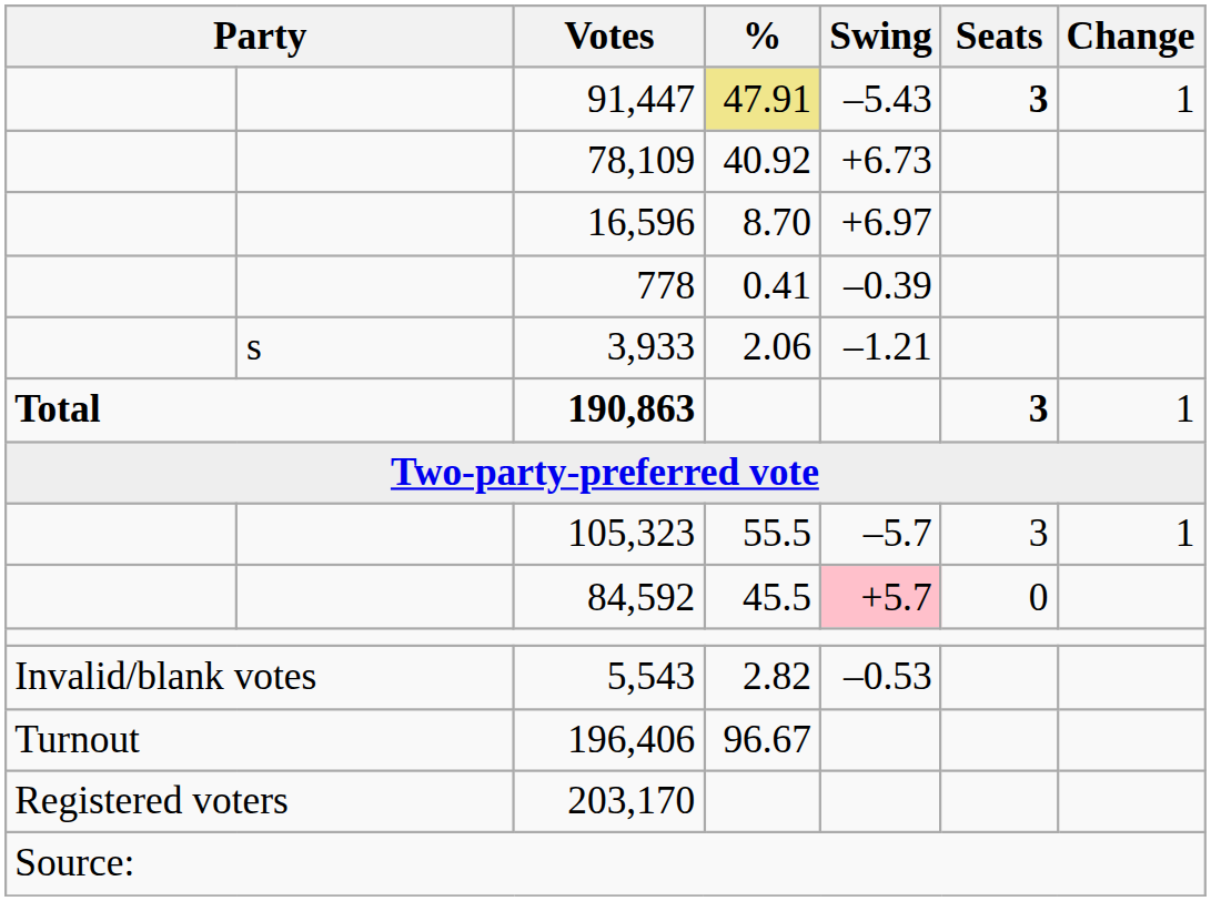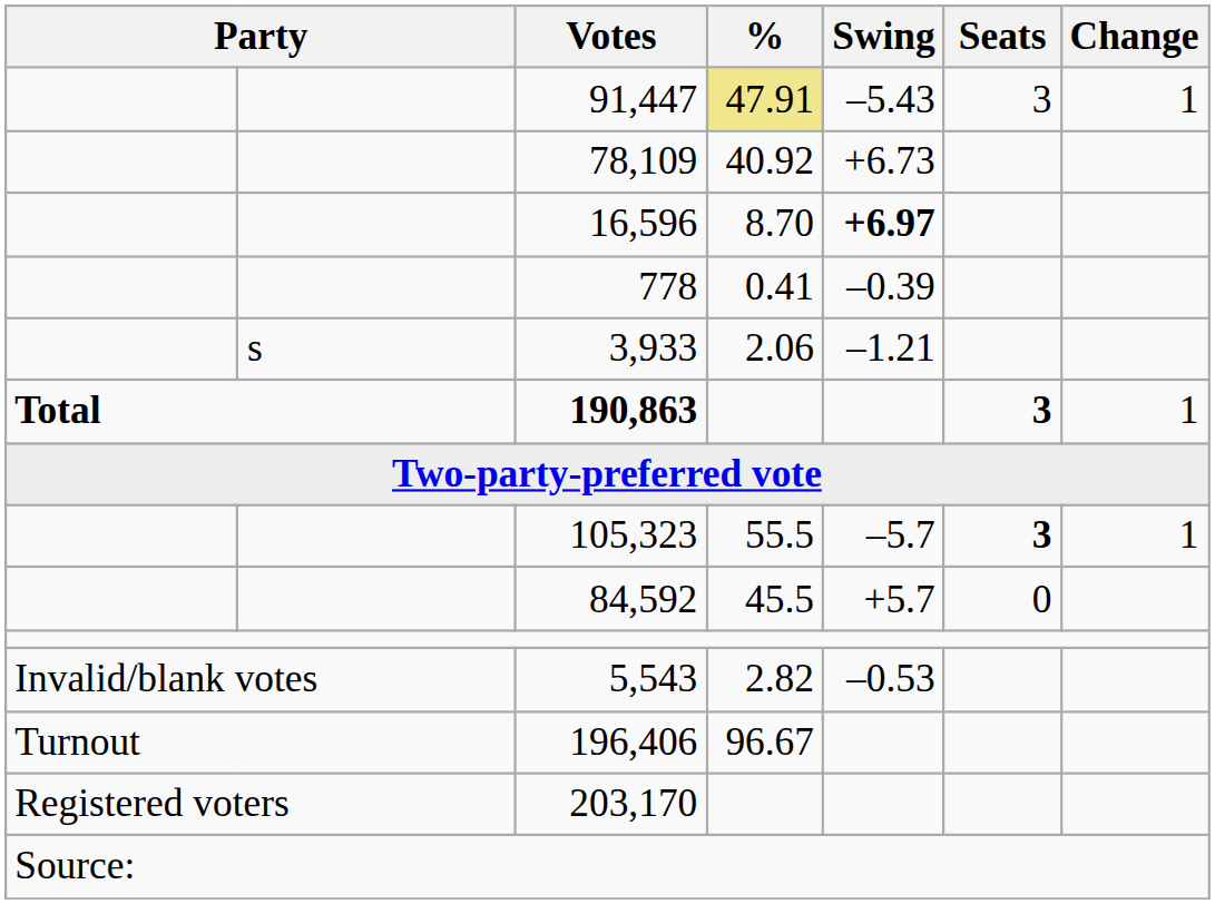 <table class="wikitable">
 <tr>
 <th style="width:200px" colspan=2><strong>Party</strong></th>
 <th style="width:70px; text-align:center;"><strong>Votes</strong></th>
 <th style="width:40px; text-align:center;"><strong>%</strong></th>
 <th style="width:40px; text-align:center;"><strong>Swing</strong></th>
 <th style="width:40px; text-align:center;"><strong>Seats</strong></th>
 <th style="width:40px; text-align:center;"><strong>Change</strong></th>
 </tr>
 <tr>
 <td> </td>
 <td></td>
 <td align=right>91,447</td>
 <td align=right style="background: khaki;">47.91</td>
 <td align=right>–5.43</td>
-<td align=right><strong>3</strong></td>
+<td align=right>3</td>
 <td align=right> 1</td>
 </tr>
 <tr>
 <td> </td>
 <td></td>
 <td align=right>78,109</td>
 <td align=right>40.92</td>
 <td align=right>+6.73</td>
 <td align=right></td>
 <td align=right></td>
 </tr>
 <tr>
 <td> </td>
 <td></td>
 <td align=right>16,596</td>
 <td align=right>8.70</td>
-<td align=right>+6.97</td>
+<td align=right><strong>+6.97</strong></td>
 <td align=right></td>
 <td align=right></td>
 </tr>
 <tr>
 <td> </td>
 <td></td>
 <td align=right>778</td>
 <td align=right>0.41</td>
 <td align=right>–0.39</td>
 <td align=right></td>
 <td align=right></td>
 </tr>
 <tr>
 <td> </td>
 <td>s</td>
 <td align=right>3,933</td>
 <td align=right>2.06</td>
 <td align=right>–1.21</td>
 <td align=right></td>
 <td align=right></td>
 </tr>
 <tr>
 <td colspan=2 align="left"><strong>Total</strong></td>
 <td align=right><strong>190,863</strong></td>
 <td align=right></td>
 <td align=right></td>
 <td align=right><strong>3</strong></td>
 <td align=right> 1</td>
 </tr>
 <tr>
 <td colspan=7 style="text-align:center; background:#eee;"><strong><a href='#'>Two-party-preferred vote</a></strong></td>
 </tr>
 <tr>
 <td> </td>
 <td></td>
 <td align=right>105,323</td>
 <td align=right>55.5</td>
 <td align=right>–5.7</td>
-<td align=right>3</td>
+<td align=right><strong>3</strong></td>
 <td align=right> 1</td>
 </tr>
 <tr>
 <td> </td>
 <td></td>
 <td align=right>84,592</td>
 <td align=right>45.5</td>
-<td align=right style="background: pink;">+5.7</td>
+<td align=right>+5.7</td>
 <td align=right>0</td>
 <td align=right></td>
 </tr>
 <tr>
 <td colspan=7></td>
 </tr>
 <tr>
 <td colspan=2 style="text-align:left;">Invalid/blank votes</td>
 <td align=right>5,543</td>
 <td align=right>2.82</td>
 <td align=right>–0.53</td>
 <td></td>
 <td></td>
 </tr>
 <tr>
 <td colspan=2 style="text-align:left;">Turnout</td>
 <td align=right>196,406</td>
 <td align=right>96.67</td>
 <td></td>
 <td></td>
 <td></td>
 </tr>
 <tr>
 <td colspan=2 style="text-align:left;">Registered voters</td>
 <td align=right>203,170</td>
 <td></td>
 <td></td>
 <td></td>
 <td></td>
 </tr>
 <tr>
 <td colspan="8" align="left">Source: </td>
 </tr>
 </table>
